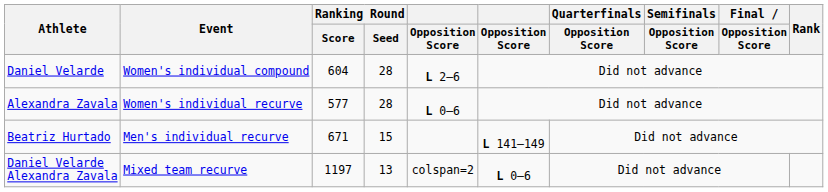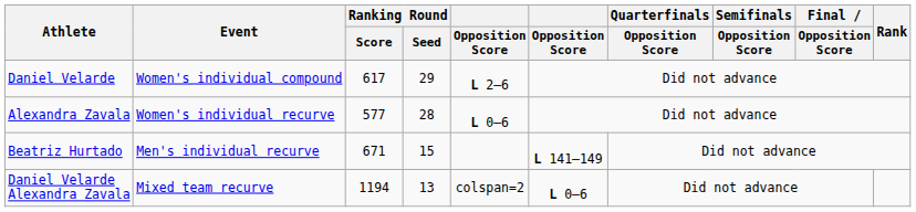 <table class="wikitable" style="font-size:90%">
 <tr>
 <th rowspan="2">Athlete</th>
 <th rowspan="2">Event</th>
 <th colspan="2">Ranking Round</th>
 <th></th>
 <th></th>
 <th>Quarterfinals</th>
 <th>Semifinals</th>
 <th>Final / </th>
 <th rowspan="2">Rank</th>
 </tr>
 <tr style="font-size:95%">
 <th>Score</th>
 <th>Seed</th>
 <th>Opposition<br>Score</th>
 <th>Opposition<br>Score</th>
 <th>Opposition<br>Score</th>
 <th>Opposition<br>Score</th>
 <th>Opposition<br>Score</th>
 </tr>
 <tr align=center>
 <td align=left><a href='#'>Daniel Velarde</a></td>
 <td align=left><a href='#'>Women's individual compound</a></td>
-<td>604</td>
-<td>28</td>
+<td>617</td>
+<td>29</td>
 <td><br><strong>L</strong> 2–6</td>
 <td colspan=5>Did not advance</td>
 </tr>
 <tr align=center>
 <td align=left><a href='#'>Alexandra Zavala</a></td>
 <td align=left><a href='#'>Women's individual recurve</a></td>
 <td>577</td>
 <td>28</td>
 <td><br><strong>L</strong> 0–6</td>
 <td colspan=5>Did not advance</td>
 </tr>
 <tr align=center>
 <td align=left><a href='#'>Beatriz Hurtado⁣</a></td>
 <td align=left><a href='#'>Men's individual recurve</a></td>
 <td>671</td>
 <td>15</td>
 <td></td>
 <td><br><strong>L</strong> 141–149</td>
 <td colspan=4>Did not advance</td>
 </tr>
 <tr align=center>
 <td align=left><a href='#'>Daniel Velarde</a><br><a href='#'>Alexandra Zavala</a></td>
 <td align=left><a href='#'>Mixed team recurve</a></td>
-<td>1197</td>
+<td>1194</td>
 <td>13</td>
 <td>colspan=2 </td>
 <td><br><strong>L</strong> 0–6</td>
 <td colspan=3>Did not advance</td>
 </tr>
 </table>
